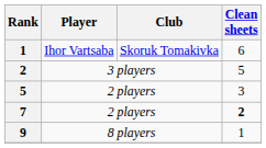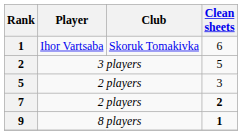 <table class="wikitable" style="text-align:center">
 <tr>
 <th>Rank</th>
 <th>Player</th>
 <th>Club</th>
 <th><a href='#'>Clean<br>sheets</a></th>
 </tr>
 <tr>
 <th rowspan=1>1</th>
 <td align="left"><a href='#'>Ihor Vartsaba</a></td>
 <td align="left"><a href='#'>Skoruk Tomakivka</a></td>
 <td rowspan=1>6</td>
 </tr>
 <tr>
 <th rowspan=1>2</th>
 <td align="center" colspan=2><em>3 players</em></td>
 <td rowspan=1>5</td>
 </tr>
 <tr>
 <th rowspan=1>5</th>
 <td align="center" colspan=2><em>2 players</em></td>
 <td rowspan=1>3</td>
 </tr>
 <tr>
 <th rowspan=1>7</th>
 <td align="center" colspan=2><em>2 players</em></td>
 <td rowspan=1><strong>2</strong></td>
 </tr>
 <tr>
 <th rowspan=1>9</th>
 <td align="center" colspan=2><em>8 players</em></td>
-<td rowspan=1>1</td>
+<td rowspan=1><strong>1</strong></td>
 </tr>
 <tr>
 </tr>
 </table>
